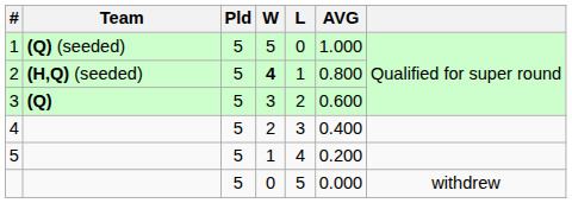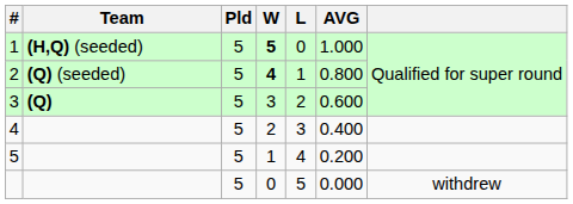 <table class="wikitable" style="text-align:center;">
 <tr>
 <th>#</th>
 <th width=175>Team</th>
 <th width=20 abbr="Played">Pld</th>
 <th width=20 abbr="Won">W</th>
 <th width=20 abbr="Lost">L</th>
 <th width=30 abbr="Average">AVG</th>
 <th></th>
 </tr>
 <tr style="background:#ccffcc">
 <td>1</td>
-<td align=left> <strong>(Q)</strong> (seeded)</td>
+<td align=left> <strong>(H,Q)</strong> (seeded)</td>
 <td>5</td>
-<td>5</td>
+<td><strong>5</strong></td>
 <td>0</td>
 <td>1.000</td>
 <td rowspan="3">Qualified for super round</td>
 </tr>
 <tr style="background:#ccffcc">
 <td>2</td>
-<td align=left> <strong>(H,Q)</strong> (seeded)</td>
+<td align=left> <strong>(Q)</strong> (seeded)</td>
 <td>5</td>
 <td><strong>4</strong></td>
 <td>1</td>
 <td>0.800</td>
 </tr>
 <tr style="background:#ccffcc">
 <td>3</td>
 <td align=left> <strong>(Q)</strong></td>
 <td>5</td>
 <td>3</td>
 <td>2</td>
 <td>0.600</td>
 </tr>
 <tr>
 <td>4</td>
 <td align=left></td>
 <td>5</td>
 <td>2</td>
 <td>3</td>
 <td>0.400</td>
 <td></td>
 </tr>
 <tr>
 <td>5</td>
 <td align=left></td>
 <td>5</td>
 <td>1</td>
 <td>4</td>
 <td>0.200</td>
 <td></td>
 </tr>
 <tr>
 <td></td>
 <td align=left></td>
 <td>5</td>
 <td>0</td>
 <td>5</td>
 <td>0.000</td>
 <td>withdrew</td>
 </tr>
 </table>
